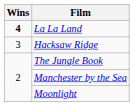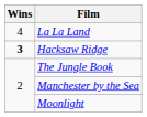 <table class="wikitable">
 <tr>
 <th>Wins</th>
 <th>Film</th>
 </tr>
 <tr>
-<td align="center"><strong>4</strong></td>
+<td align="center">4</td>
 <td><em><a href='#'>La La Land</a></em></td>
 </tr>
 <tr>
-<td align="center">3</td>
+<td align="center"><strong>3</strong></td>
 <td><em><a href='#'>Hacksaw Ridge</a></em></td>
 </tr>
 <tr>
 <td rowspan="3" align="center">2</td>
 <td><em><a href='#'>The Jungle Book</a></em></td>
 </tr>
 <tr>
 <td><em><a href='#'>Manchester by the Sea</a></em></td>
 </tr>
 <tr>
 <td><em><a href='#'>Moonlight</a></em></td>
 </tr>
 </table>
